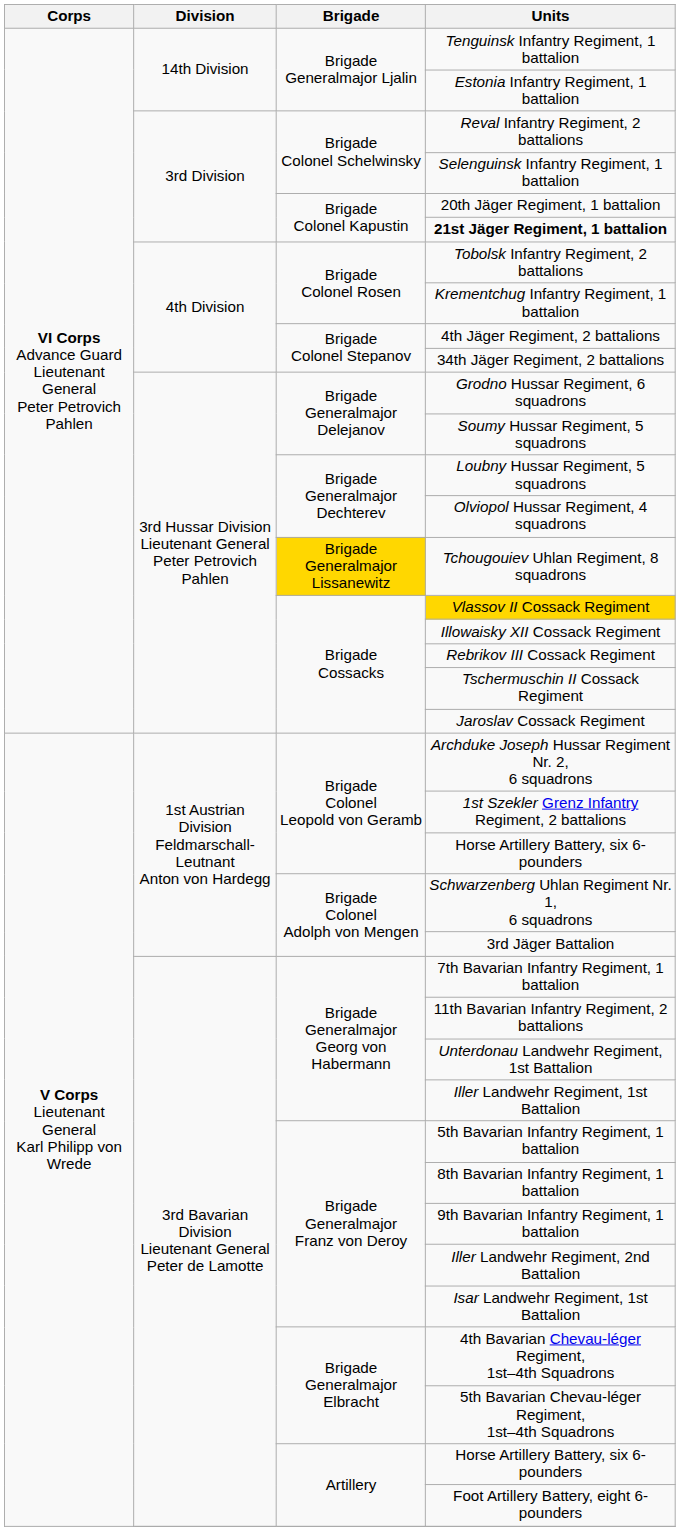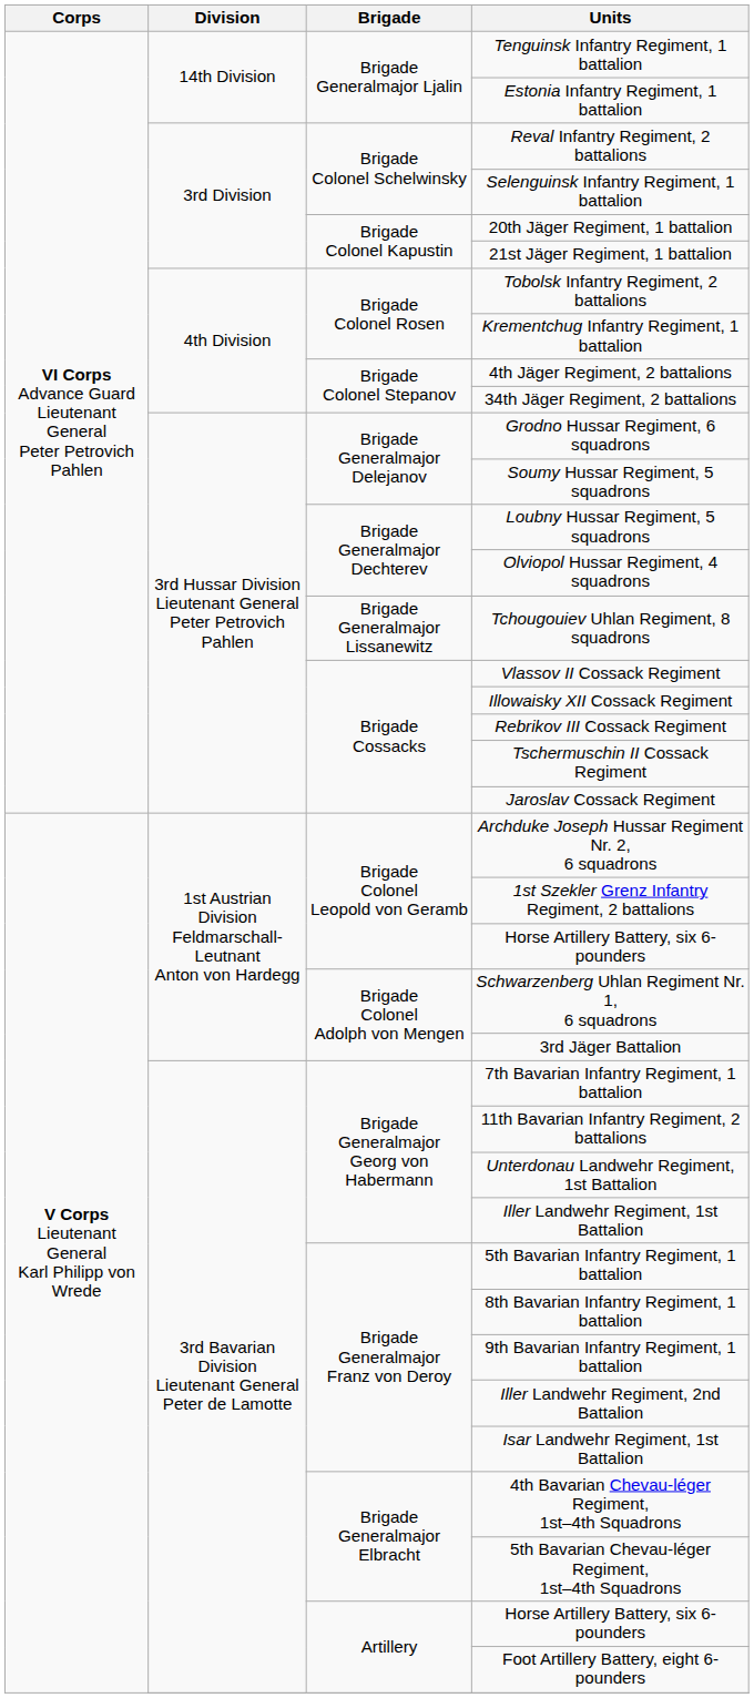 <table class="wikitable collapsible collapsed" style="text-align:center; width:80%;">
 <tr>
 <th>Corps</th>
 <th>Division</th>
 <th>Brigade</th>
 <th>Units</th>
 </tr>
 <tr>
 <td ROWSPAN=20><strong>VI Corps</strong><br>Advance Guard<br>Lieutenant General<br>Peter Petrovich Pahlen</td>
 <td ROWSPAN=2>14th Division</td>
 <td ROWSPAN=2>Brigade<br>Generalmajor Ljalin</td>
 <td><em>Tenguinsk</em> Infantry Regiment, 1 battalion</td>
 </tr>
 <tr>
 <td><em>Estonia</em> Infantry Regiment, 1 battalion</td>
 </tr>
 <tr>
 <td ROWSPAN=4>3rd Division</td>
 <td ROWSPAN=2>Brigade<br>Colonel Schelwinsky</td>
 <td><em>Reval</em> Infantry Regiment, 2 battalions</td>
 </tr>
 <tr>
 <td><em>Selenguinsk</em> Infantry Regiment, 1 battalion</td>
 </tr>
 <tr>
 <td ROWSPAN=2>Brigade<br>Colonel Kapustin</td>
 <td>20th Jäger Regiment, 1 battalion</td>
 </tr>
 <tr>
-<td><strong>21st Jäger Regiment, 1 battalion</strong></td>
+<td>21st Jäger Regiment, 1 battalion</td>
 </tr>
 <tr>
 <td ROWSPAN=4>4th Division</td>
 <td ROWSPAN=2>Brigade<br>Colonel Rosen</td>
 <td><em>Tobolsk</em> Infantry Regiment, 2 battalions</td>
 </tr>
 <tr>
 <td><em>Krementchug</em> Infantry Regiment, 1 battalion</td>
 </tr>
 <tr>
 <td ROWSPAN=2>Brigade<br>Colonel Stepanov</td>
 <td>4th Jäger Regiment, 2 battalions</td>
 </tr>
 <tr>
 <td>34th Jäger Regiment, 2 battalions</td>
 </tr>
 <tr>
 <td ROWSPAN=10>3rd Hussar Division<br>Lieutenant General<br>Peter Petrovich Pahlen</td>
 <td ROWSPAN=2>Brigade<br>Generalmajor Delejanov</td>
 <td><em>Grodno</em> Hussar Regiment, 6 squadrons</td>
 </tr>
 <tr>
 <td><em>Soumy</em> Hussar Regiment, 5 squadrons</td>
 </tr>
 <tr>
 <td ROWSPAN=2>Brigade<br>Generalmajor Dechterev</td>
 <td><em>Loubny</em> Hussar Regiment, 5 squadrons</td>
 </tr>
 <tr>
 <td><em>Olviopol</em> Hussar Regiment, 4 squadrons</td>
 </tr>
 <tr>
-<td ROWSPAN=1 style="background: gold;">Brigade<br>Generalmajor Lissanewitz</td>
+<td ROWSPAN=1>Brigade<br>Generalmajor Lissanewitz</td>
 <td><em>Tchougouiev</em> Uhlan Regiment, 8 squadrons</td>
 </tr>
 <tr>
 <td ROWSPAN=5>Brigade<br>Cossacks</td>
-<td style="background: gold;"><em>Vlassov II</em> Cossack Regiment</td>
+<td><em>Vlassov II</em> Cossack Regiment</td>
 </tr>
 <tr>
 <td><em>Illowaisky XII</em> Cossack Regiment</td>
 </tr>
 <tr>
 <td><em>Rebrikov III</em> Cossack Regiment</td>
 </tr>
 <tr>
 <td><em>Tschermuschin II</em> Cossack Regiment</td>
 </tr>
 <tr>
 <td><em>Jaroslav</em> Cossack Regiment</td>
 </tr>
 <tr>
 <td ROWSPAN=20><strong>V Corps</strong><br>Lieutenant General<br>Karl Philipp von Wrede</td>
 <td ROWSPAN=5>1st Austrian Division<br>Feldmarschall-Leutnant<br>Anton von Hardegg</td>
 <td ROWSPAN=3>Brigade<br>Colonel<br>Leopold von Geramb</td>
 <td><em>Archduke Joseph</em> Hussar Regiment Nr. 2,<br>6 squadrons</td>
 </tr>
 <tr>
 <td><em>1st Szekler</em> <a href='#'>Grenz Infantry</a> Regiment, 2 battalions</td>
 </tr>
 <tr>
 <td>Horse Artillery Battery, six 6-pounders</td>
 </tr>
 <tr>
 <td ROWSPAN=2>Brigade<br>Colonel<br>Adolph von Mengen</td>
 <td><em>Schwarzenberg</em> Uhlan Regiment Nr. 1,<br>6 squadrons</td>
 </tr>
 <tr>
 <td>3rd Jäger Battalion</td>
 </tr>
 <tr>
 <td ROWSPAN=13>3rd Bavarian Division<br>Lieutenant General<br>Peter de Lamotte</td>
 <td ROWSPAN=4>Brigade<br>Generalmajor<br>Georg von Habermann</td>
 <td>7th Bavarian Infantry Regiment, 1 battalion</td>
 </tr>
 <tr>
 <td>11th Bavarian Infantry Regiment, 2 battalions</td>
 </tr>
 <tr>
 <td><em>Unterdonau</em> Landwehr Regiment, 1st Battalion</td>
 </tr>
 <tr>
 <td><em>Iller</em> Landwehr Regiment, 1st Battalion</td>
 </tr>
 <tr>
 <td ROWSPAN=5>Brigade<br>Generalmajor<br>Franz von Deroy</td>
 <td>5th Bavarian Infantry Regiment, 1 battalion</td>
 </tr>
 <tr>
 <td>8th Bavarian Infantry Regiment, 1 battalion</td>
 </tr>
 <tr>
 <td>9th Bavarian Infantry Regiment, 1 battalion</td>
 </tr>
 <tr>
 <td><em>Iller</em> Landwehr Regiment, 2nd Battalion</td>
 </tr>
 <tr>
 <td><em>Isar</em> Landwehr Regiment, 1st Battalion</td>
 </tr>
 <tr>
 <td ROWSPAN=2>Brigade<br>Generalmajor Elbracht</td>
 <td>4th Bavarian <a href='#'>Chevau-léger</a> Regiment,<br>1st–4th Squadrons</td>
 </tr>
 <tr>
 <td>5th Bavarian Chevau-léger Regiment,<br>1st–4th Squadrons</td>
 </tr>
 <tr>
 <td ROWSPAN=2>Artillery</td>
 <td>Horse Artillery Battery, six 6-pounders</td>
 </tr>
 <tr>
 <td>Foot Artillery Battery, eight 6-pounders</td>
 </tr>
 <tr>
 </tr>
 </table>
